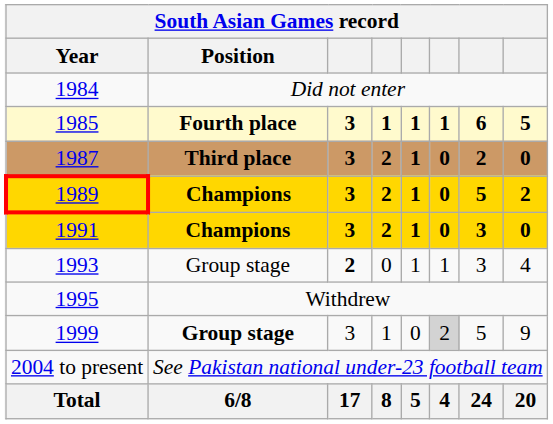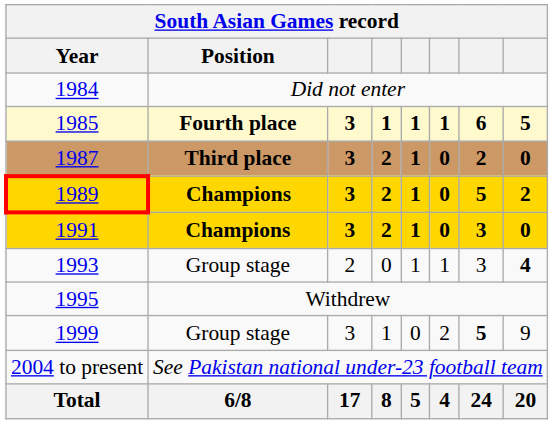 <table class="wikitable" style="text-align: center">
 <tr>
 <th colspan="9"><a href='#'>South Asian Games</a> record</th>
 </tr>
 <tr>
 <th>Year</th>
 <th>Position</th>
 <th></th>
 <th></th>
 <th></th>
 <th></th>
 <th></th>
 <th></th>
 </tr>
 <tr>
 <td> <a href='#'>1984</a></td>
 <td colspan="7"><em>Did not enter</em></td>
 </tr>
 <tr style="background:LemonChiffon;">
 <td> <a href='#'>1985</a></td>
 <td><strong>Fourth place</strong></td>
 <td><strong>3</strong></td>
 <td><strong>1</strong></td>
 <td><strong>1</strong></td>
 <td><strong>1</strong></td>
 <td><strong>6</strong></td>
 <td><strong>5</strong></td>
 </tr>
 <tr bgcolor="#c96">
 <td> <a href='#'>1987</a></td>
 <td><strong>Third place</strong></td>
 <td><strong>3</strong></td>
 <td><strong>2</strong></td>
 <td><strong>1</strong></td>
 <td><strong>0</strong></td>
 <td><strong>2</strong></td>
 <td><strong>0</strong></td>
 </tr>
 <tr style="background:gold;">
 <td style="border: 3px solid red"> <a href='#'>1989</a></td>
 <td><strong>Champions</strong></td>
 <td><strong>3</strong></td>
 <td><strong>2</strong></td>
 <td><strong>1</strong></td>
 <td><strong>0</strong></td>
 <td><strong>5</strong></td>
 <td><strong>2</strong></td>
 </tr>
 <tr style="background:gold;">
 <td> <a href='#'>1991</a></td>
 <td><strong>Champions</strong></td>
 <td><strong>3</strong></td>
 <td><strong>2</strong></td>
 <td><strong>1</strong></td>
 <td><strong>0</strong></td>
 <td><strong>3</strong></td>
 <td><strong>0</strong></td>
 </tr>
 <tr>
 <td> <a href='#'>1993</a></td>
 <td>Group stage</td>
-<td><strong>2</strong></td>
+<td>2</td>
 <td>0</td>
 <td>1</td>
 <td>1</td>
 <td>3</td>
-<td>4</td>
+<td><strong>4</strong></td>
 </tr>
 <tr>
 <td> <a href='#'>1995</a></td>
 <td colspan="7">Withdrew</td>
 </tr>
 <tr>
 <td> <a href='#'>1999</a></td>
-<td><strong>Group stage</strong></td>
+<td>Group stage</td>
 <td>3</td>
 <td>1</td>
 <td>0</td>
-<td style="background: lightgrey;">2</td>
-<td>5</td>
+<td>2</td>
+<td><strong>5</strong></td>
 <td>9</td>
 </tr>
 <tr>
 <td><a href='#'>2004</a> to present</td>
 <td colspan="8"><em>See <a href='#'>Pakistan national under-23 football team</a></em></td>
 </tr>
 <tr>
 <th>Total</th>
 <th>6/8</th>
 <th>17</th>
 <th>8</th>
 <th>5</th>
 <th>4</th>
 <th>24</th>
 <th>20</th>
 </tr>
 </table>
